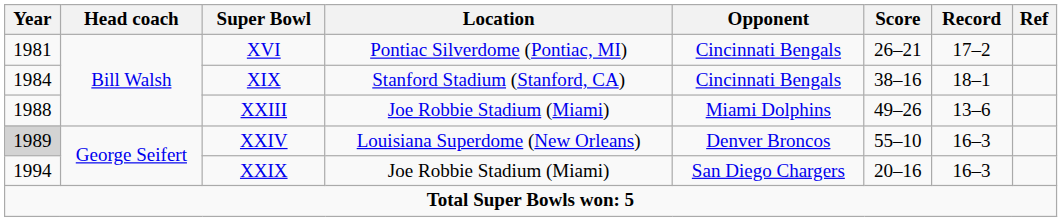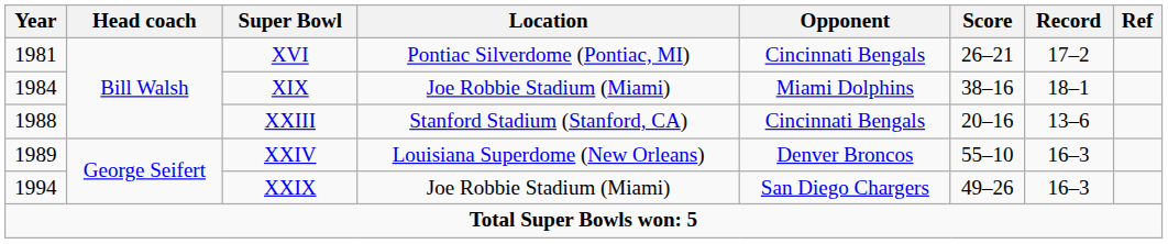 <table class="wikitable" style="width:70%;text-align:center">
 <tr>
 <th>Year</th>
 <th>Head coach</th>
 <th>Super Bowl</th>
 <th>Location</th>
 <th>Opponent</th>
 <th>Score</th>
 <th>Record</th>
 <th>Ref</th>
 </tr>
 <tr>
 <td>1981</td>
 <td rowspan="3"><a href='#'>Bill Walsh</a></td>
 <td><a href='#'>XVI</a></td>
 <td><a href='#'>Pontiac Silverdome</a> (<a href='#'>Pontiac, MI</a>)</td>
 <td><a href='#'>Cincinnati Bengals</a></td>
 <td>26–21</td>
 <td>17–2</td>
 <td></td>
 </tr>
 <tr>
 <td>1984</td>
 <td><a href='#'>XIX</a></td>
-<td><a href='#'>Stanford Stadium</a> (<a href='#'>Stanford, CA</a>)</td>
-<td><a href='#'>Cincinnati Bengals</a></td>
+<td><a href='#'>Joe Robbie Stadium</a> (<a href='#'>Miami</a>)</td>
+<td><a href='#'>Miami Dolphins</a></td>
 <td>38–16</td>
 <td>18–1</td>
 <td></td>
 </tr>
 <tr>
 <td>1988</td>
 <td><a href='#'>XXIII</a></td>
-<td><a href='#'>Joe Robbie Stadium</a> (<a href='#'>Miami</a>)</td>
-<td><a href='#'>Miami Dolphins</a></td>
-<td>49–26</td>
+<td><a href='#'>Stanford Stadium</a> (<a href='#'>Stanford, CA</a>)</td>
+<td><a href='#'>Cincinnati Bengals</a></td>
+<td>20–16</td>
 <td>13–6</td>
 <td></td>
 </tr>
 <tr>
-<td style="background: lightgrey;">1989</td>
+<td>1989</td>
 <td rowspan="2"><a href='#'>George Seifert</a></td>
 <td><a href='#'>XXIV</a></td>
 <td><a href='#'>Louisiana Superdome</a> (<a href='#'>New Orleans</a>)</td>
 <td><a href='#'>Denver Broncos</a></td>
 <td>55–10</td>
 <td>16–3</td>
 <td></td>
 </tr>
 <tr>
 <td>1994</td>
 <td><a href='#'>XXIX</a></td>
 <td>Joe Robbie Stadium (Miami)</td>
 <td><a href='#'>San Diego Chargers</a></td>
-<td>20–16</td>
+<td>49–26</td>
 <td>16–3</td>
 <td></td>
 </tr>
 <tr>
 <td colspan="8"><strong>Total Super Bowls won: 5</strong></td>
 </tr>
 </table>
